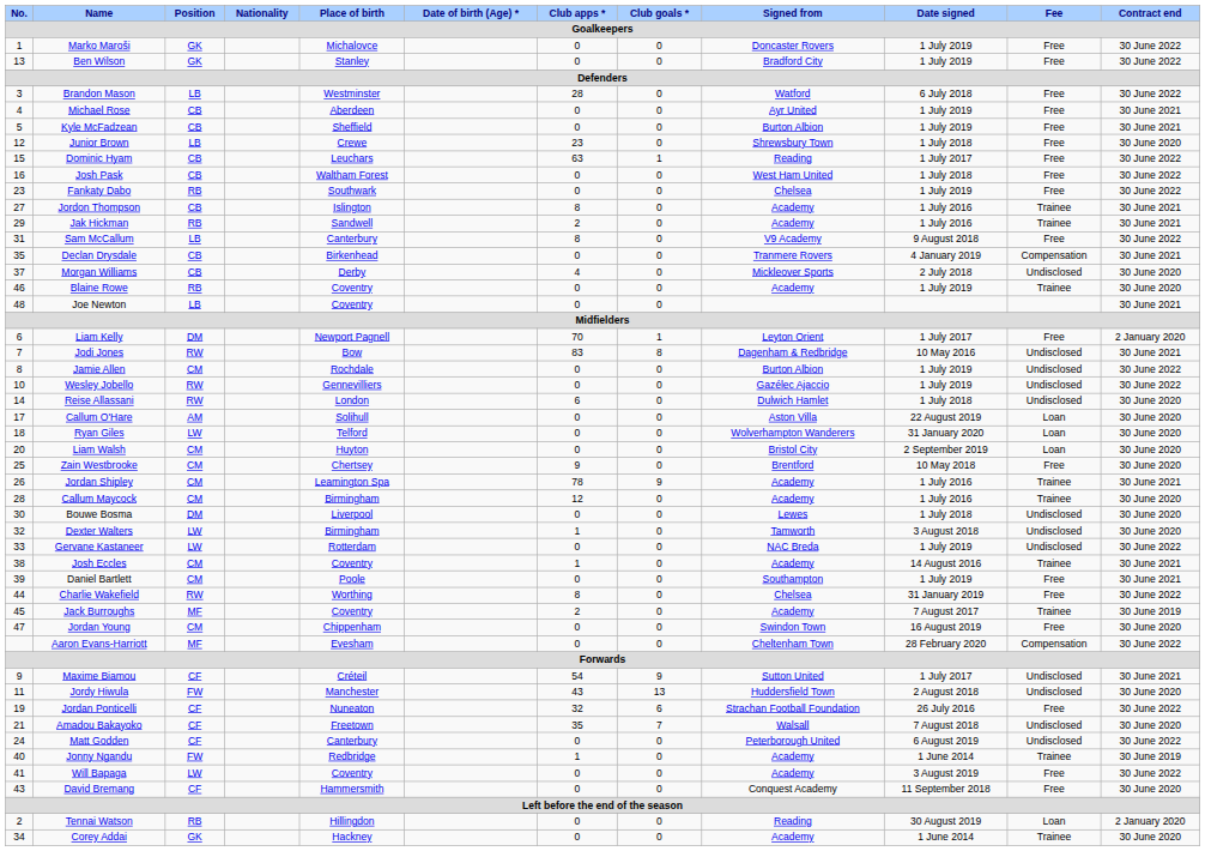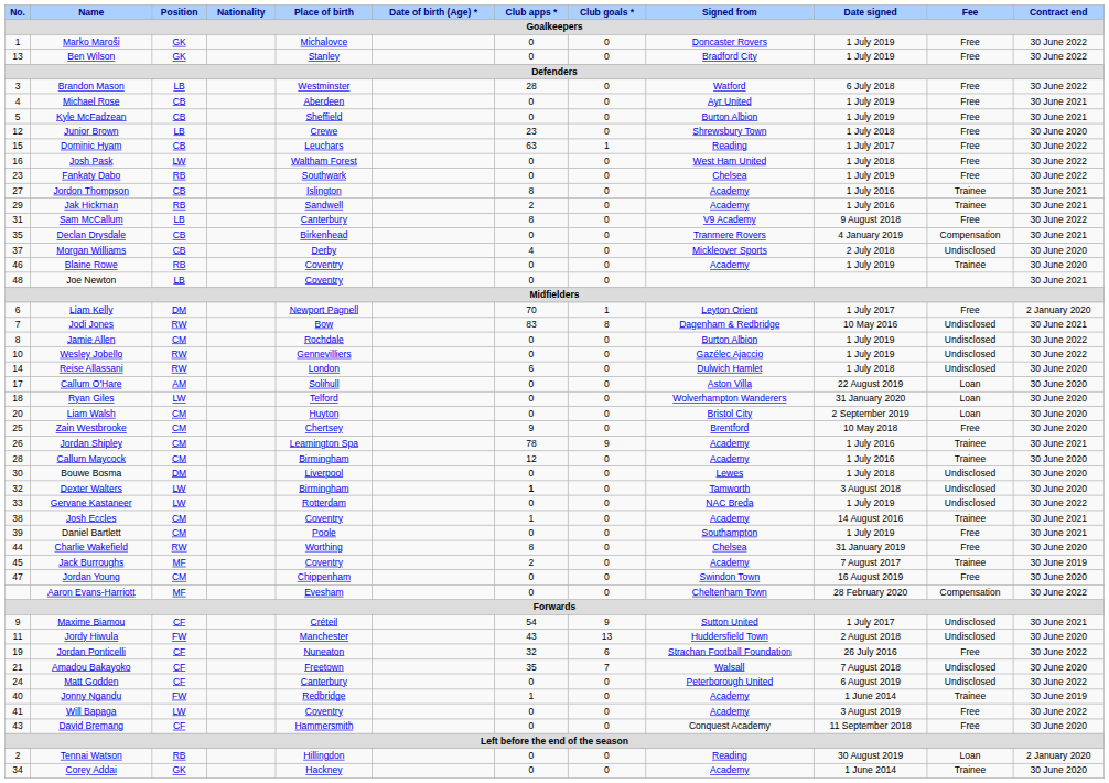 <table class="wikitable" style="text-align:center; font-size:84.5%; width:100%;">
 <tr>
 <th style="background:#AAD0FF; color:#000080; text-align:center;">No.</th>
 <th style="background:#AAD0FF; color:#000080; text-align:center;">Name</th>
 <th style="background:#AAD0FF; color:#000080; text-align:center;">Position</th>
 <th style="background:#AAD0FF; color:#000080; text-align:center;">Nationality</th>
 <th style="background:#AAD0FF; color:#000080; text-align:center;">Place of birth</th>
 <th style="background:#AAD0FF; color:#000080; text-align:center;">Date of birth (Age) *</th>
 <th style="background:#AAD0FF; color:#000080; text-align:center;">Club apps *</th>
 <th style="background:#AAD0FF; color:#000080; text-align:center;">Club goals *</th>
 <th style="background:#AAD0FF; color:#000080; text-align:center;">Signed from</th>
 <th style="background:#AAD0FF; color:#000080; text-align:center;">Date signed</th>
 <th style="background:#AAD0FF; color:#000080; text-align:center;">Fee</th>
 <th style="background:#AAD0FF; color:#000080; text-align:center;">Contract end</th>
 </tr>
 <tr>
 <th colspan="14" style="background:#dcdcdc; tepxt-align:center;">Goalkeepers</th>
 </tr>
 <tr>
 <td>1</td>
 <td><a href='#'>Marko Maroši</a></td>
 <td><a href='#'>GK</a></td>
 <td></td>
 <td><a href='#'>Michalovce</a></td>
 <td></td>
 <td>0</td>
 <td>0</td>
 <td><a href='#'>Doncaster Rovers</a></td>
 <td>1 July 2019</td>
 <td>Free</td>
 <td>30 June 2022</td>
 </tr>
 <tr>
 <td>13</td>
 <td><a href='#'>Ben Wilson</a></td>
 <td><a href='#'>GK</a></td>
 <td></td>
 <td><a href='#'>Stanley</a></td>
 <td></td>
 <td>0</td>
 <td>0</td>
 <td><a href='#'>Bradford City</a></td>
 <td>1 July 2019</td>
 <td>Free</td>
 <td>30 June 2022</td>
 </tr>
 <tr>
 <th colspan="14" style="background:#dcdcdc; text-align:center;">Defenders</th>
 </tr>
 <tr>
 <td>3</td>
 <td><a href='#'>Brandon Mason</a></td>
 <td><a href='#'>LB</a></td>
 <td></td>
 <td><a href='#'>Westminster</a></td>
 <td></td>
 <td>28</td>
 <td>0</td>
 <td><a href='#'>Watford</a></td>
 <td>6 July 2018</td>
 <td>Free</td>
 <td>30 June 2022</td>
 </tr>
 <tr>
 <td>4</td>
 <td><a href='#'>Michael Rose</a></td>
 <td><a href='#'>CB</a></td>
 <td></td>
 <td><a href='#'>Aberdeen</a></td>
 <td></td>
 <td>0</td>
 <td>0</td>
 <td><a href='#'>Ayr United</a></td>
 <td>1 July 2019</td>
 <td>Free</td>
 <td>30 June 2021</td>
 </tr>
 <tr>
 <td>5</td>
 <td><a href='#'>Kyle McFadzean</a></td>
 <td><a href='#'>CB</a></td>
 <td></td>
 <td><a href='#'>Sheffield</a></td>
 <td></td>
 <td>0</td>
 <td>0</td>
 <td><a href='#'>Burton Albion</a></td>
 <td>1 July 2019</td>
 <td>Free</td>
 <td>30 June 2021</td>
 </tr>
 <tr>
 <td>12</td>
 <td><a href='#'>Junior Brown</a></td>
 <td><a href='#'>LB</a></td>
 <td></td>
 <td><a href='#'>Crewe</a></td>
 <td></td>
 <td>23</td>
 <td>0</td>
 <td><a href='#'>Shrewsbury Town</a></td>
 <td>1 July 2018</td>
 <td>Free</td>
 <td>30 June 2020</td>
 </tr>
 <tr>
 <td>15</td>
 <td><a href='#'>Dominic Hyam</a></td>
 <td><a href='#'>CB</a></td>
 <td></td>
 <td><a href='#'>Leuchars</a></td>
 <td></td>
 <td>63</td>
 <td>1</td>
 <td><a href='#'>Reading</a></td>
 <td>1 July 2017</td>
 <td>Free</td>
 <td>30 June 2022</td>
 </tr>
 <tr>
 <td>16</td>
 <td><a href='#'>Josh Pask</a></td>
-<td><a href='#'>CB</a></td>
+<td><a href='#'>LW</a></td>
 <td></td>
 <td><a href='#'>Waltham Forest</a></td>
 <td></td>
 <td>0</td>
 <td>0</td>
 <td><a href='#'>West Ham United</a></td>
 <td>1 July 2018</td>
 <td>Free</td>
 <td>30 June 2022</td>
 </tr>
 <tr>
 <td>23</td>
 <td><a href='#'>Fankaty Dabo</a></td>
 <td><a href='#'>RB</a></td>
 <td></td>
 <td><a href='#'>Southwark</a></td>
 <td></td>
 <td>0</td>
 <td>0</td>
 <td><a href='#'>Chelsea</a></td>
 <td>1 July 2019</td>
 <td>Free</td>
 <td>30 June 2022</td>
 </tr>
 <tr>
 <td>27</td>
 <td><a href='#'>Jordon Thompson</a></td>
 <td><a href='#'>CB</a></td>
 <td></td>
 <td><a href='#'>Islington</a></td>
 <td></td>
 <td>8</td>
 <td>0</td>
 <td><a href='#'>Academy</a></td>
 <td>1 July 2016</td>
 <td>Trainee</td>
 <td>30 June 2021</td>
 </tr>
 <tr>
 <td>29</td>
 <td><a href='#'>Jak Hickman</a></td>
 <td><a href='#'>RB</a></td>
 <td></td>
 <td><a href='#'>Sandwell</a></td>
 <td></td>
 <td>2</td>
 <td>0</td>
 <td><a href='#'>Academy</a></td>
 <td>1 July 2016</td>
 <td>Trainee</td>
 <td>30 June 2021</td>
 </tr>
 <tr>
 <td>31</td>
 <td><a href='#'>Sam McCallum</a></td>
 <td><a href='#'>LB</a></td>
 <td></td>
 <td><a href='#'>Canterbury</a></td>
 <td></td>
 <td>8</td>
 <td>0</td>
 <td><a href='#'>V9 Academy</a></td>
 <td>9 August 2018</td>
 <td>Free</td>
 <td>30 June 2022</td>
 </tr>
 <tr>
 <td>35</td>
 <td><a href='#'>Declan Drysdale</a></td>
 <td><a href='#'>CB</a></td>
 <td></td>
 <td><a href='#'>Birkenhead</a></td>
 <td></td>
 <td>0</td>
 <td>0</td>
 <td><a href='#'>Tranmere Rovers</a></td>
 <td>4 January 2019</td>
 <td>Compensation</td>
 <td>30 June 2021</td>
 </tr>
 <tr>
 <td>37</td>
 <td><a href='#'>Morgan Williams</a></td>
 <td><a href='#'>CB</a></td>
 <td></td>
 <td><a href='#'>Derby</a></td>
 <td></td>
 <td>4</td>
 <td>0</td>
 <td><a href='#'>Mickleover Sports</a></td>
 <td>2 July 2018</td>
 <td>Undisclosed</td>
 <td>30 June 2020</td>
 </tr>
 <tr>
 <td>46</td>
 <td><a href='#'>Blaine Rowe</a></td>
 <td><a href='#'>RB</a></td>
 <td></td>
 <td><a href='#'>Coventry</a></td>
 <td></td>
 <td>0</td>
 <td>0</td>
 <td><a href='#'>Academy</a></td>
 <td>1 July 2019</td>
 <td>Trainee</td>
 <td>30 June 2020</td>
 </tr>
 <tr>
 <td>48</td>
 <td>Joe Newton</td>
 <td><a href='#'>LB</a></td>
 <td></td>
 <td><a href='#'>Coventry</a></td>
 <td></td>
 <td>0</td>
 <td>0</td>
 <td></td>
 <td></td>
 <td></td>
 <td>30 June 2021</td>
 </tr>
 <tr>
 <th colspan="14" style="background:#dcdcdc; text-align:center;">Midfielders</th>
 </tr>
 <tr>
 <td>6</td>
 <td><a href='#'>Liam Kelly</a></td>
 <td><a href='#'>DM</a></td>
 <td></td>
 <td><a href='#'>Newport Pagnell</a></td>
 <td></td>
 <td>70</td>
 <td>1</td>
 <td><a href='#'>Leyton Orient</a></td>
 <td>1 July 2017</td>
 <td>Free</td>
 <td>2 January 2020</td>
 </tr>
 <tr>
 <td>7</td>
 <td><a href='#'>Jodi Jones</a></td>
 <td><a href='#'>RW</a></td>
 <td></td>
 <td><a href='#'>Bow</a></td>
 <td></td>
 <td>83</td>
 <td>8</td>
 <td><a href='#'>Dagenham & Redbridge</a></td>
 <td>10 May 2016</td>
 <td>Undisclosed</td>
 <td>30 June 2021</td>
 </tr>
 <tr>
 <td>8</td>
 <td><a href='#'>Jamie Allen</a></td>
 <td><a href='#'>CM</a></td>
 <td></td>
 <td><a href='#'>Rochdale</a></td>
 <td></td>
 <td>0</td>
 <td>0</td>
 <td><a href='#'>Burton Albion</a></td>
 <td>1 July 2019</td>
 <td>Undisclosed</td>
 <td>30 June 2022</td>
 </tr>
 <tr>
 <td>10</td>
 <td><a href='#'>Wesley Jobello</a></td>
 <td><a href='#'>RW</a></td>
 <td></td>
 <td><a href='#'>Gennevilliers</a></td>
 <td></td>
 <td>0</td>
 <td>0</td>
 <td><a href='#'>Gazélec Ajaccio</a></td>
 <td>1 July 2019</td>
 <td>Undisclosed</td>
 <td>30 June 2022</td>
 </tr>
 <tr>
 <td>14</td>
 <td><a href='#'>Reise Allassani</a></td>
 <td><a href='#'>RW</a></td>
 <td></td>
 <td><a href='#'>London</a></td>
 <td></td>
 <td>6</td>
 <td>0</td>
 <td><a href='#'>Dulwich Hamlet</a></td>
 <td>1 July 2018</td>
 <td>Undisclosed</td>
 <td>30 June 2020</td>
 </tr>
 <tr>
 <td>17</td>
 <td><a href='#'>Callum O'Hare</a></td>
 <td><a href='#'>AM</a></td>
 <td></td>
 <td><a href='#'>Solihull</a></td>
 <td></td>
 <td>0</td>
 <td>0</td>
 <td><a href='#'>Aston Villa</a></td>
 <td>22 August 2019</td>
 <td>Loan</td>
 <td>30 June 2020</td>
 </tr>
 <tr>
 <td>18</td>
 <td><a href='#'>Ryan Giles</a></td>
 <td><a href='#'>LW</a></td>
 <td></td>
 <td><a href='#'>Telford</a></td>
 <td></td>
 <td>0</td>
 <td>0</td>
 <td><a href='#'>Wolverhampton Wanderers</a></td>
 <td>31 January 2020</td>
 <td>Loan</td>
 <td>30 June 2020</td>
 </tr>
 <tr>
 <td>20</td>
 <td><a href='#'>Liam Walsh</a></td>
 <td><a href='#'>CM</a></td>
 <td></td>
 <td><a href='#'>Huyton</a></td>
 <td></td>
 <td>0</td>
 <td>0</td>
 <td><a href='#'>Bristol City</a></td>
 <td>2 September 2019</td>
 <td>Loan</td>
 <td>30 June 2020</td>
 </tr>
 <tr>
 <td>25</td>
 <td><a href='#'>Zain Westbrooke</a></td>
 <td><a href='#'>CM</a></td>
 <td></td>
 <td><a href='#'>Chertsey</a></td>
 <td></td>
 <td>9</td>
 <td>0</td>
 <td><a href='#'>Brentford</a></td>
 <td>10 May 2018</td>
 <td>Free</td>
 <td>30 June 2020</td>
 </tr>
 <tr>
 <td>26</td>
 <td><a href='#'>Jordan Shipley</a></td>
 <td><a href='#'>CM</a></td>
 <td></td>
 <td><a href='#'>Leamington Spa</a></td>
 <td></td>
 <td>78</td>
 <td>9</td>
 <td><a href='#'>Academy</a></td>
 <td>1 July 2016</td>
 <td>Trainee</td>
 <td>30 June 2021</td>
 </tr>
 <tr>
 <td>28</td>
 <td><a href='#'>Callum Maycock</a></td>
 <td><a href='#'>CM</a></td>
 <td></td>
 <td><a href='#'>Birmingham</a></td>
 <td></td>
 <td>12</td>
 <td>0</td>
 <td><a href='#'>Academy</a></td>
 <td>1 July 2016</td>
 <td>Trainee</td>
 <td>30 June 2020</td>
 </tr>
 <tr>
 <td>30</td>
 <td>Bouwe Bosma</td>
 <td><a href='#'>DM</a></td>
 <td></td>
 <td><a href='#'>Liverpool</a></td>
 <td></td>
 <td>0</td>
 <td>0</td>
 <td><a href='#'>Lewes</a></td>
 <td>1 July 2018</td>
 <td>Undisclosed</td>
 <td>30 June 2020</td>
 </tr>
 <tr>
 <td>32</td>
 <td><a href='#'>Dexter Walters</a></td>
 <td><a href='#'>LW</a></td>
 <td></td>
 <td><a href='#'>Birmingham</a></td>
 <td></td>
-<td>1</td>
+<td><strong>1</strong></td>
 <td>0</td>
 <td><a href='#'>Tamworth</a></td>
 <td>3 August 2018</td>
 <td>Undisclosed</td>
 <td>30 June 2020</td>
 </tr>
 <tr>
 <td>33</td>
 <td><a href='#'>Gervane Kastaneer</a></td>
 <td><a href='#'>LW</a></td>
 <td></td>
 <td><a href='#'>Rotterdam</a></td>
 <td></td>
 <td>0</td>
 <td>0</td>
 <td><a href='#'>NAC Breda</a></td>
 <td>1 July 2019</td>
 <td>Undisclosed</td>
 <td>30 June 2022</td>
 </tr>
 <tr>
 <td>38</td>
 <td><a href='#'>Josh Eccles</a></td>
 <td><a href='#'>CM</a></td>
 <td></td>
 <td><a href='#'>Coventry</a></td>
 <td></td>
 <td>1</td>
 <td>0</td>
 <td><a href='#'>Academy</a></td>
 <td>14 August 2016</td>
 <td>Trainee</td>
 <td>30 June 2021</td>
 </tr>
 <tr>
 <td>39</td>
 <td>Daniel Bartlett</td>
 <td><a href='#'>CM</a></td>
 <td></td>
 <td><a href='#'>Poole</a></td>
 <td></td>
 <td>0</td>
 <td>0</td>
 <td><a href='#'>Southampton</a></td>
 <td>1 July 2019</td>
 <td>Free</td>
 <td>30 June 2021</td>
 </tr>
 <tr>
 <td>44</td>
 <td><a href='#'>Charlie Wakefield</a></td>
 <td><a href='#'>RW</a></td>
 <td></td>
 <td><a href='#'>Worthing</a></td>
 <td></td>
 <td>8</td>
 <td>0</td>
 <td><a href='#'>Chelsea</a></td>
 <td>31 January 2019</td>
 <td>Free</td>
-<td>30 June 2022</td>
+<td>30 June 2020</td>
 </tr>
 <tr>
 <td>45</td>
 <td><a href='#'>Jack Burroughs</a></td>
 <td><a href='#'>MF</a></td>
 <td></td>
 <td><a href='#'>Coventry</a></td>
 <td></td>
 <td>2</td>
 <td>0</td>
 <td><a href='#'>Academy</a></td>
 <td>7 August 2017</td>
 <td>Trainee</td>
 <td>30 June 2019</td>
 </tr>
 <tr>
 <td>47</td>
 <td><a href='#'>Jordan Young</a></td>
 <td><a href='#'>CM</a></td>
 <td></td>
 <td><a href='#'>Chippenham</a></td>
 <td></td>
 <td>0</td>
 <td>0</td>
 <td><a href='#'>Swindon Town</a></td>
 <td>16 August 2019</td>
 <td>Free</td>
 <td>30 June 2020</td>
 </tr>
 <tr>
 <td></td>
 <td><a href='#'>Aaron Evans-Harriott</a></td>
 <td><a href='#'>MF</a></td>
 <td></td>
 <td><a href='#'>Evesham</a></td>
 <td></td>
 <td>0</td>
 <td>0</td>
 <td><a href='#'>Cheltenham Town</a></td>
 <td>28 February 2020</td>
 <td>Compensation</td>
 <td>30 June 2022</td>
 </tr>
 <tr>
 <th colspan="14" style="background:#dcdcdc; text-align:center;">Forwards</th>
 </tr>
 <tr>
 <td>9</td>
 <td><a href='#'>Maxime Biamou</a></td>
 <td><a href='#'>CF</a></td>
 <td></td>
 <td><a href='#'>Créteil</a></td>
 <td></td>
 <td>54</td>
 <td>9</td>
 <td><a href='#'>Sutton United</a></td>
 <td>1 July 2017</td>
 <td>Undisclosed</td>
 <td>30 June 2021</td>
 </tr>
 <tr>
 <td>11</td>
 <td><a href='#'>Jordy Hiwula</a></td>
 <td><a href='#'>FW</a></td>
 <td></td>
 <td><a href='#'>Manchester</a></td>
 <td></td>
 <td>43</td>
 <td>13</td>
 <td><a href='#'>Huddersfield Town</a></td>
 <td>2 August 2018</td>
 <td>Undisclosed</td>
 <td>30 June 2020</td>
 </tr>
 <tr>
 <td>19</td>
 <td><a href='#'>Jordan Ponticelli</a></td>
 <td><a href='#'>CF</a></td>
 <td></td>
 <td><a href='#'>Nuneaton</a></td>
 <td></td>
 <td>32</td>
 <td>6</td>
 <td><a href='#'>Strachan Football Foundation</a></td>
 <td>26 July 2016</td>
 <td>Free</td>
 <td>30 June 2022</td>
 </tr>
 <tr>
 <td>21</td>
 <td><a href='#'>Amadou Bakayoko</a></td>
 <td><a href='#'>CF</a></td>
 <td></td>
 <td><a href='#'>Freetown</a></td>
 <td></td>
 <td>35</td>
 <td>7</td>
 <td><a href='#'>Walsall</a></td>
 <td>7 August 2018</td>
 <td>Undisclosed</td>
 <td>30 June 2020</td>
 </tr>
 <tr>
 <td>24</td>
 <td><a href='#'>Matt Godden</a></td>
 <td><a href='#'>CF</a></td>
 <td></td>
 <td><a href='#'>Canterbury</a></td>
 <td></td>
 <td>0</td>
 <td>0</td>
 <td><a href='#'>Peterborough United</a></td>
 <td>6 August 2019</td>
 <td>Undisclosed</td>
 <td>30 June 2022</td>
 </tr>
 <tr>
 <td>40</td>
 <td><a href='#'>Jonny Ngandu</a></td>
 <td><a href='#'>FW</a></td>
 <td></td>
 <td><a href='#'>Redbridge</a></td>
 <td></td>
 <td>1</td>
 <td>0</td>
 <td><a href='#'>Academy</a></td>
 <td>1 June 2014</td>
 <td>Trainee</td>
 <td>30 June 2019</td>
 </tr>
 <tr>
 <td>41</td>
 <td><a href='#'>Will Bapaga</a></td>
 <td><a href='#'>LW</a></td>
 <td></td>
 <td><a href='#'>Coventry</a></td>
 <td></td>
 <td>0</td>
 <td>0</td>
 <td><a href='#'>Academy</a></td>
 <td>3 August 2019</td>
 <td>Free</td>
 <td>30 June 2022</td>
 </tr>
 <tr>
 <td>43</td>
 <td><a href='#'>David Bremang</a></td>
 <td><a href='#'>CF</a></td>
 <td></td>
 <td><a href='#'>Hammersmith</a></td>
 <td></td>
 <td>0</td>
 <td>0</td>
 <td>Conquest Academy</td>
 <td>11 September 2018</td>
 <td>Free</td>
 <td>30 June 2020</td>
 </tr>
 <tr>
 <th colspan="14" style="background:#dcdcdc; text-align:center;">Left before the end of the season</th>
 </tr>
 <tr>
 <td>2</td>
 <td><a href='#'>Tennai Watson</a></td>
 <td><a href='#'>RB</a></td>
 <td></td>
 <td><a href='#'>Hillingdon</a></td>
 <td></td>
 <td>0</td>
 <td>0</td>
 <td><a href='#'>Reading</a></td>
 <td>30 August 2019</td>
 <td>Loan</td>
 <td>2 January 2020</td>
 </tr>
 <tr>
 <td>34</td>
 <td><a href='#'>Corey Addai</a></td>
 <td><a href='#'>GK</a></td>
 <td></td>
 <td><a href='#'>Hackney</a></td>
 <td></td>
 <td>0</td>
 <td>0</td>
 <td><a href='#'>Academy</a></td>
 <td>1 June 2014</td>
 <td>Trainee</td>
 <td>30 June 2020</td>
 </tr>
 </table>
